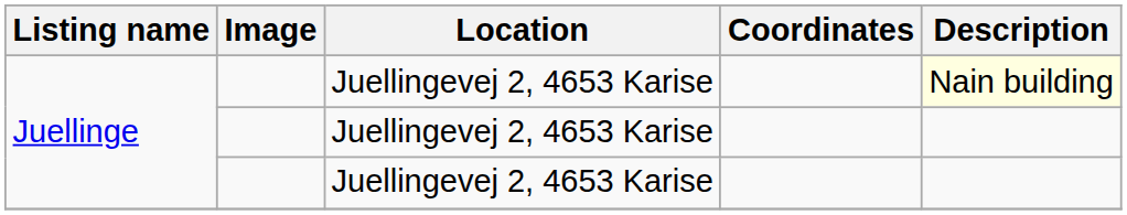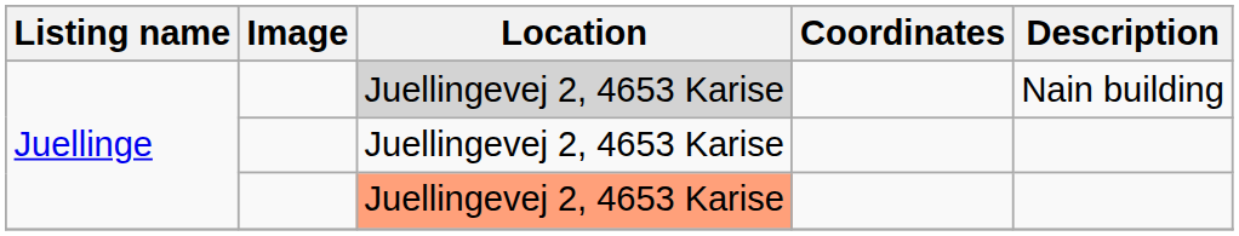 <table class="wikitable sortable">
 <tr>
 <th>Listing name</th>
 <th>Image</th>
 <th>Location</th>
 <th>Coordinates</th>
 <th>Description</th>
 </tr>
 <tr>
 <td rowspan="3"><a href='#'>Juellinge</a></td>
 <td></td>
-<td>Juellingevej 2, 4653 Karise</td>
+<td style="background: lightgrey;">Juellingevej 2, 4653 Karise</td>
 <td></td>
-<td style="background: lightyellow;">Nain building</td>
+<td>Nain building</td>
 </tr>
 <tr>
 <td></td>
 <td>Juellingevej 2, 4653 Karise</td>
 <td></td>
 <td></td>
 </tr>
 <tr>
 <td></td>
-<td>Juellingevej 2, 4653 Karise</td>
+<td style="background: lightsalmon;">Juellingevej 2, 4653 Karise</td>
 <td></td>
 <td></td>
 </tr>
 <tr>
 </tr>
 </table>
